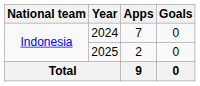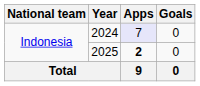 <table class="wikitable" style="text-align:center">
 <tr>
 <th>National team</th>
 <th>Year</th>
 <th>Apps</th>
 <th>Goals</th>
 </tr>
 <tr>
 <td rowspan="2"><a href='#'>Indonesia</a></td>
 <td>2024</td>
-<td>7</td>
+<td style="background: lavender;">7</td>
 <td>0</td>
 </tr>
 <tr>
 <td>2025</td>
-<td>2</td>
+<td><strong>2</strong></td>
 <td>0</td>
 </tr>
 <tr>
 <th colspan="2">Total</th>
 <th>9</th>
 <th>0</th>
 </tr>
 </table>
